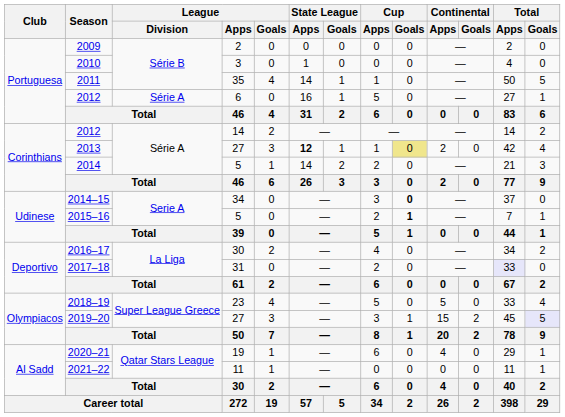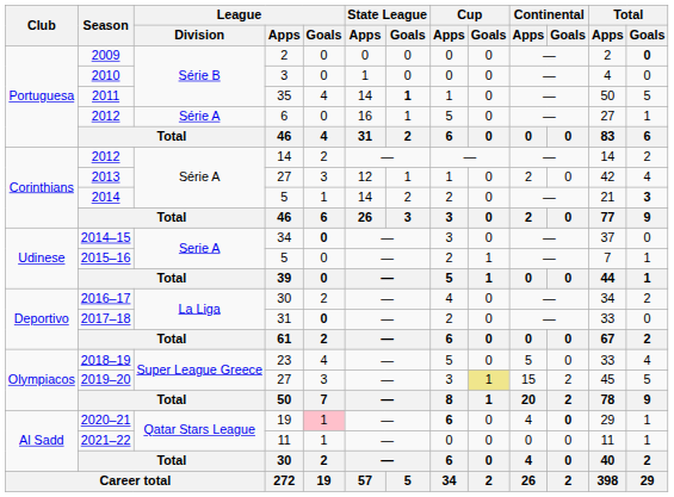 <table class="wikitable" style="text-align: center;">
 <tr>
 <th rowspan="2">Club</th>
 <th rowspan="2">Season</th>
 <th colspan="3">League</th>
 <th colspan="2">State League</th>
 <th colspan="2">Cup</th>
 <th colspan="2">Continental</th>
 <th colspan="2">Total</th>
 </tr>
 <tr>
 <th>Division</th>
 <th>Apps</th>
 <th>Goals</th>
 <th>Apps</th>
 <th>Goals</th>
 <th>Apps</th>
 <th>Goals</th>
 <th>Apps</th>
 <th>Goals</th>
 <th>Apps</th>
 <th>Goals</th>
 </tr>
 <tr>
 <td rowspan="5" valign="center"><a href='#'>Portuguesa</a></td>
 <td><a href='#'>2009</a></td>
 <td rowspan="3"><a href='#'>Série B</a></td>
 <td>2</td>
 <td>0</td>
 <td>0</td>
 <td>0</td>
 <td>0</td>
 <td>0</td>
 <td colspan="2">—</td>
 <td>2</td>
-<td>0</td>
+<td><strong>0</strong></td>
 </tr>
 <tr>
 <td><a href='#'>2010</a></td>
 <td>3</td>
 <td>0</td>
 <td>1</td>
 <td>0</td>
 <td>0</td>
 <td>0</td>
 <td colspan="2">—</td>
 <td>4</td>
 <td>0</td>
 </tr>
 <tr>
 <td><a href='#'>2011</a></td>
 <td>35</td>
 <td>4</td>
 <td>14</td>
-<td>1</td>
+<td><strong>1</strong></td>
 <td>1</td>
 <td>0</td>
 <td colspan="2">—</td>
 <td>50</td>
 <td>5</td>
 </tr>
 <tr>
 <td><a href='#'>2012</a></td>
 <td><a href='#'>Série A</a></td>
 <td>6</td>
 <td>0</td>
 <td>16</td>
 <td>1</td>
 <td>5</td>
 <td>0</td>
 <td colspan="2">—</td>
 <td>27</td>
 <td>1</td>
 </tr>
 <tr>
 <th colspan="2">Total</th>
 <th>46</th>
 <th>4</th>
 <th>31</th>
 <th>2</th>
 <th>6</th>
 <th>0</th>
 <th>0</th>
 <th>0</th>
 <th>83</th>
 <th>6</th>
 </tr>
 <tr>
 <td rowspan="4" valign="center"><a href='#'>Corinthians</a></td>
 <td><a href='#'>2012</a></td>
 <td rowspan="3">Série A</td>
 <td>14</td>
 <td>2</td>
 <td colspan="2">—</td>
 <td colspan="2">—</td>
 <td colspan="2">—</td>
 <td>14</td>
 <td>2</td>
 </tr>
 <tr>
 <td><a href='#'>2013</a></td>
 <td>27</td>
 <td>3</td>
-<td><strong>12</strong></td>
+<td>12</td>
 <td>1</td>
 <td>1</td>
-<td style="background: khaki;">0</td>
+<td>0</td>
 <td>2</td>
 <td>0</td>
 <td>42</td>
 <td>4</td>
 </tr>
 <tr>
 <td><a href='#'>2014</a></td>
 <td>5</td>
 <td>1</td>
 <td>14</td>
 <td>2</td>
 <td>2</td>
 <td>0</td>
 <td colspan="2">—</td>
 <td>21</td>
-<td>3</td>
+<td><strong>3</strong></td>
 </tr>
 <tr>
 <th colspan="2">Total</th>
 <th>46</th>
 <th>6</th>
 <th>26</th>
 <th>3</th>
 <th>3</th>
 <th>0</th>
 <th>2</th>
 <th>0</th>
 <th>77</th>
 <th>9</th>
 </tr>
 <tr>
 <td rowspan="3" valign="center"><a href='#'>Udinese</a></td>
 <td><a href='#'>2014–15</a></td>
 <td rowspan="2"><a href='#'>Serie A</a></td>
 <td>34</td>
-<td>0</td>
+<td><strong>0</strong></td>
 <td colspan="2">—</td>
 <td>3</td>
-<td><strong>0</strong></td>
+<td>0</td>
 <td colspan="2">—</td>
 <td>37</td>
 <td>0</td>
 </tr>
 <tr>
 <td><a href='#'>2015–16</a></td>
 <td>5</td>
 <td>0</td>
 <td colspan="2">—</td>
 <td>2</td>
-<td><strong>1</strong></td>
+<td>1</td>
 <td colspan="2">—</td>
 <td>7</td>
 <td>1</td>
 </tr>
 <tr>
 <th colspan="2">Total</th>
 <th>39</th>
 <th>0</th>
 <th colspan="2">—</th>
 <th>5</th>
 <th>1</th>
 <th>0</th>
 <th>0</th>
 <th>44</th>
 <th>1</th>
 </tr>
 <tr>
 <td rowspan="3" valign="center"><a href='#'>Deportivo</a></td>
 <td><a href='#'>2016–17</a></td>
 <td rowspan="2"><a href='#'>La Liga</a></td>
 <td>30</td>
 <td>2</td>
 <td colspan="2">—</td>
 <td>4</td>
 <td>0</td>
 <td colspan="2">—</td>
 <td>34</td>
 <td>2</td>
 </tr>
 <tr>
 <td><a href='#'>2017–18</a></td>
 <td>31</td>
-<td>0</td>
+<td><strong>0</strong></td>
 <td colspan="2">—</td>
 <td>2</td>
 <td>0</td>
 <td colspan="2">—</td>
-<td style="background: lavender;">33</td>
+<td>33</td>
 <td>0</td>
 </tr>
 <tr>
 <th colspan="2">Total</th>
 <th>61</th>
 <th>2</th>
 <th colspan="2">—</th>
 <th>6</th>
 <th>0</th>
 <th>0</th>
 <th>0</th>
 <th>67</th>
 <th>2</th>
 </tr>
 <tr>
 <td rowspan="3" valign="center"><a href='#'>Olympiacos</a></td>
 <td><a href='#'>2018–19</a></td>
 <td rowspan="2"><a href='#'>Super League Greece</a></td>
 <td>23</td>
 <td>4</td>
 <td colspan="2">—</td>
 <td>5</td>
 <td>0</td>
 <td>5</td>
 <td>0</td>
 <td>33</td>
 <td>4</td>
 </tr>
 <tr>
 <td><a href='#'>2019–20</a></td>
 <td>27</td>
 <td>3</td>
 <td colspan="2">—</td>
 <td>3</td>
-<td>1</td>
+<td style="background: khaki;">1</td>
 <td>15</td>
 <td>2</td>
 <td>45</td>
-<td style="background: lavender;">5</td>
+<td>5</td>
 </tr>
 <tr>
 <th colspan="2">Total</th>
 <th>50</th>
 <th>7</th>
 <th colspan="2">—</th>
 <th>8</th>
 <th>1</th>
 <th>20</th>
 <th>2</th>
 <th>78</th>
 <th>9</th>
 </tr>
 <tr>
 <td rowspan="3"><a href='#'>Al Sadd</a></td>
 <td><a href='#'>2020–21</a></td>
 <td rowspan="2"><a href='#'>Qatar Stars League</a></td>
 <td>19</td>
-<td>1</td>
+<td style="background: pink;">1</td>
 <td colspan="2">—</td>
-<td>6</td>
+<td><strong>6</strong></td>
 <td>0</td>
 <td>4</td>
-<td>0</td>
+<td><strong>0</strong></td>
 <td>29</td>
 <td>1</td>
 </tr>
 <tr>
 <td><a href='#'>2021–22</a></td>
 <td>11</td>
 <td>1</td>
 <td colspan="2">—</td>
 <td>0</td>
 <td>0</td>
 <td>0</td>
 <td>0</td>
 <td>11</td>
 <td>1</td>
 </tr>
 <tr>
 <th colspan="2">Total</th>
 <th>30</th>
 <th>2</th>
 <th colspan="2">—</th>
 <th>6</th>
 <th>0</th>
 <th>4</th>
 <th>0</th>
 <th>40</th>
 <th>2</th>
 </tr>
 <tr>
 <th colspan="3">Career total</th>
 <th>272</th>
 <th>19</th>
 <th>57</th>
 <th>5</th>
 <th>34</th>
 <th>2</th>
 <th>26</th>
 <th>2</th>
 <th>398</th>
 <th>29</th>
 </tr>
 </table>
